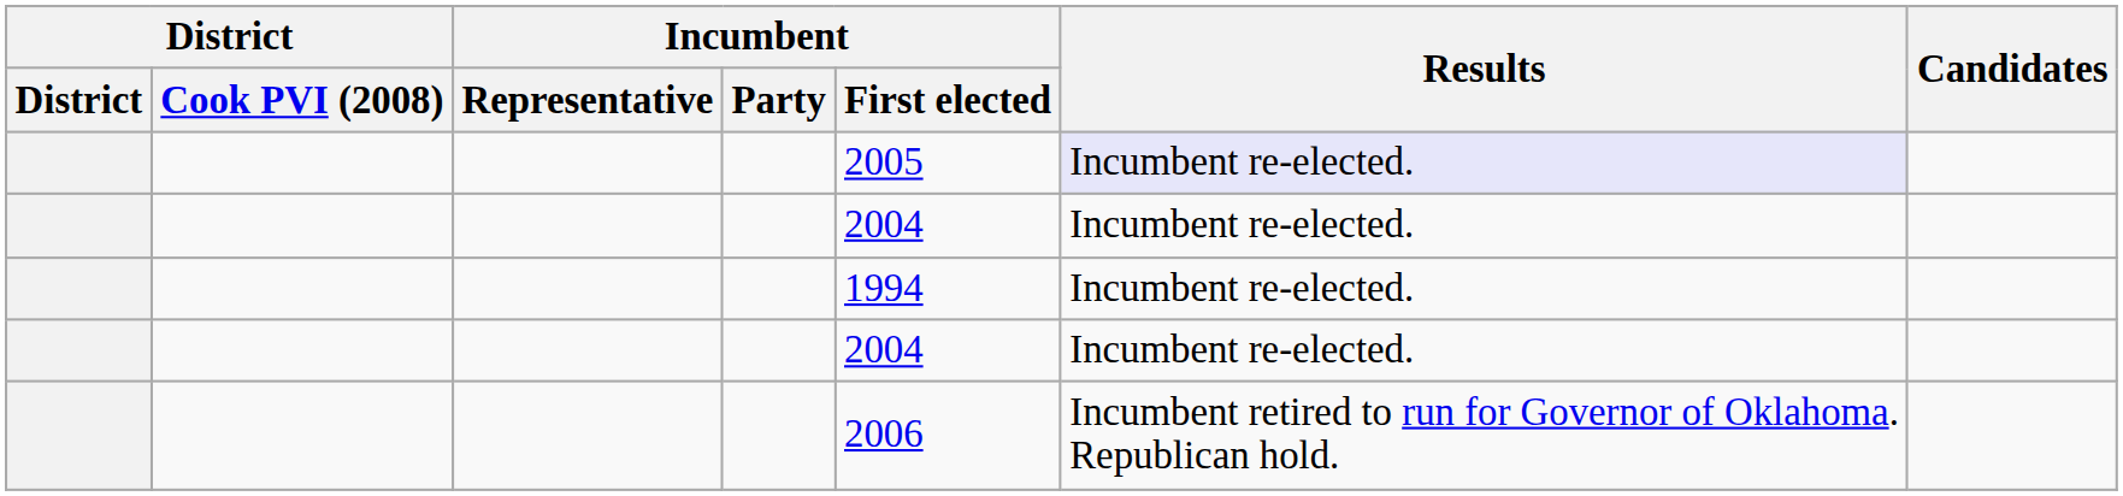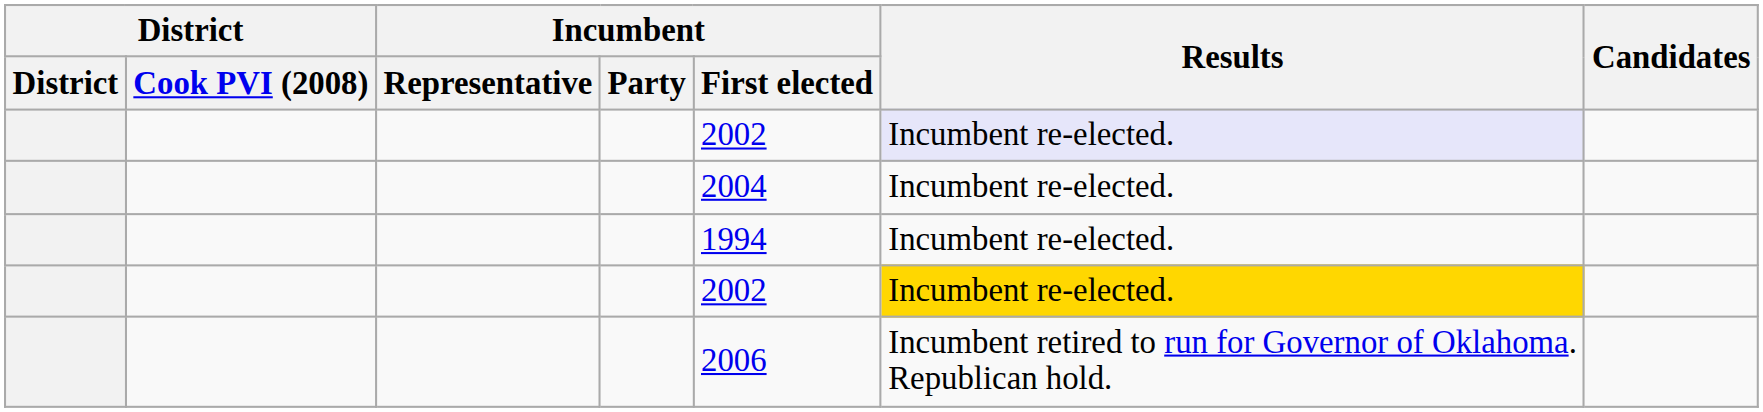 <table class="wikitable sortable">
 <tr>
 <th colspan=2>District</th>
 <th colspan=3>Incumbent</th>
 <th rowspan=2>Results</th>
 <th rowspan=2>Candidates</th>
 </tr>
 <tr valign=bottom>
 <th>District</th>
 <th><a href='#'>Cook PVI</a> (2008)</th>
 <th>Representative</th>
 <th>Party</th>
 <th>First elected</th>
 </tr>
 <tr>
 <th></th>
 <td></td>
 <td></td>
 <td></td>
-<td><a href='#'>2005</a></td>
+<td><a href='#'>2002</a></td>
 <td style="background: lavender;">Incumbent re-elected.</td>
 <td nowrap></td>
 </tr>
 <tr>
 <th></th>
 <td></td>
 <td></td>
 <td></td>
 <td><a href='#'>2004</a></td>
 <td>Incumbent re-elected.</td>
 <td nowrap></td>
 </tr>
 <tr>
 <th></th>
 <td></td>
 <td></td>
 <td></td>
 <td><a href='#'>1994</a></td>
 <td>Incumbent re-elected.</td>
 <td nowrap></td>
 </tr>
 <tr>
 <th></th>
 <td></td>
 <td></td>
 <td></td>
-<td><a href='#'>2004</a></td>
-<td>Incumbent re-elected.</td>
+<td><a href='#'>2002</a></td>
+<td style="background: gold;">Incumbent re-elected.</td>
 <td nowrap></td>
 </tr>
 <tr>
 <th></th>
 <td></td>
 <td></td>
 <td></td>
 <td><a href='#'>2006</a></td>
 <td>Incumbent retired to <a href='#'>run for Governor of Oklahoma</a>.<br>Republican hold.</td>
 <td nowrap></td>
 </tr>
 </table>
